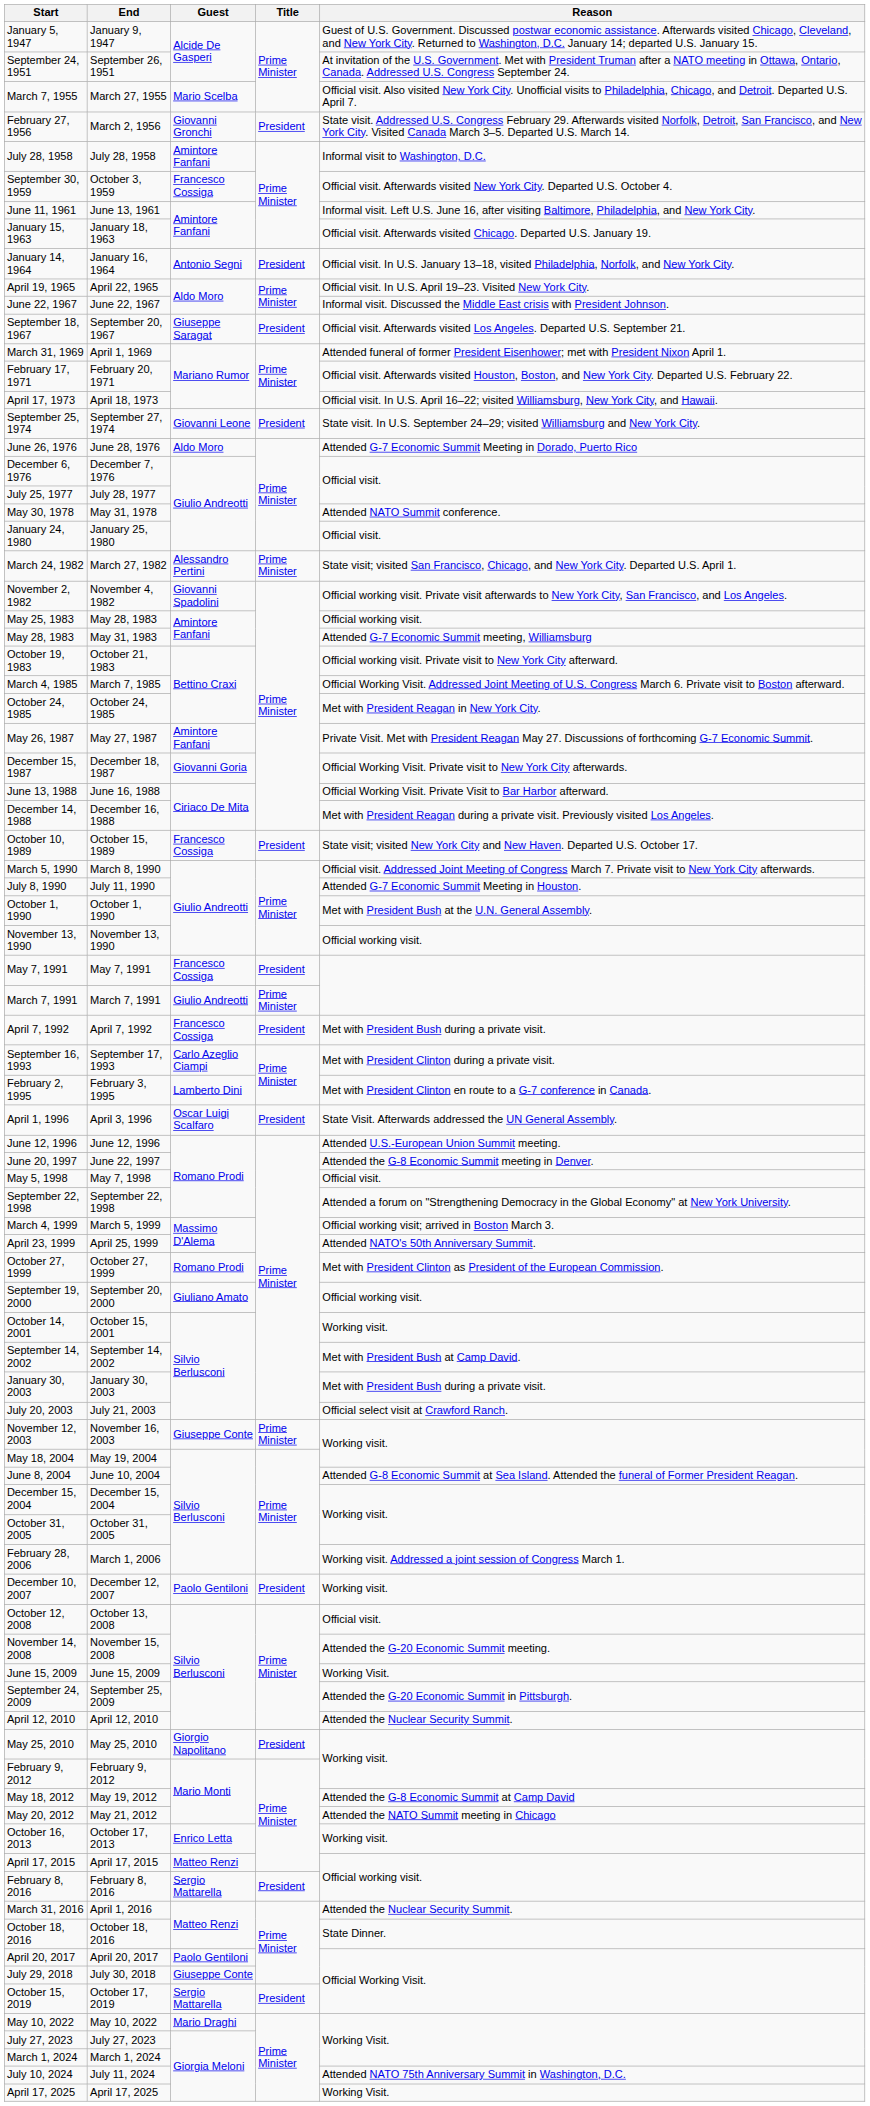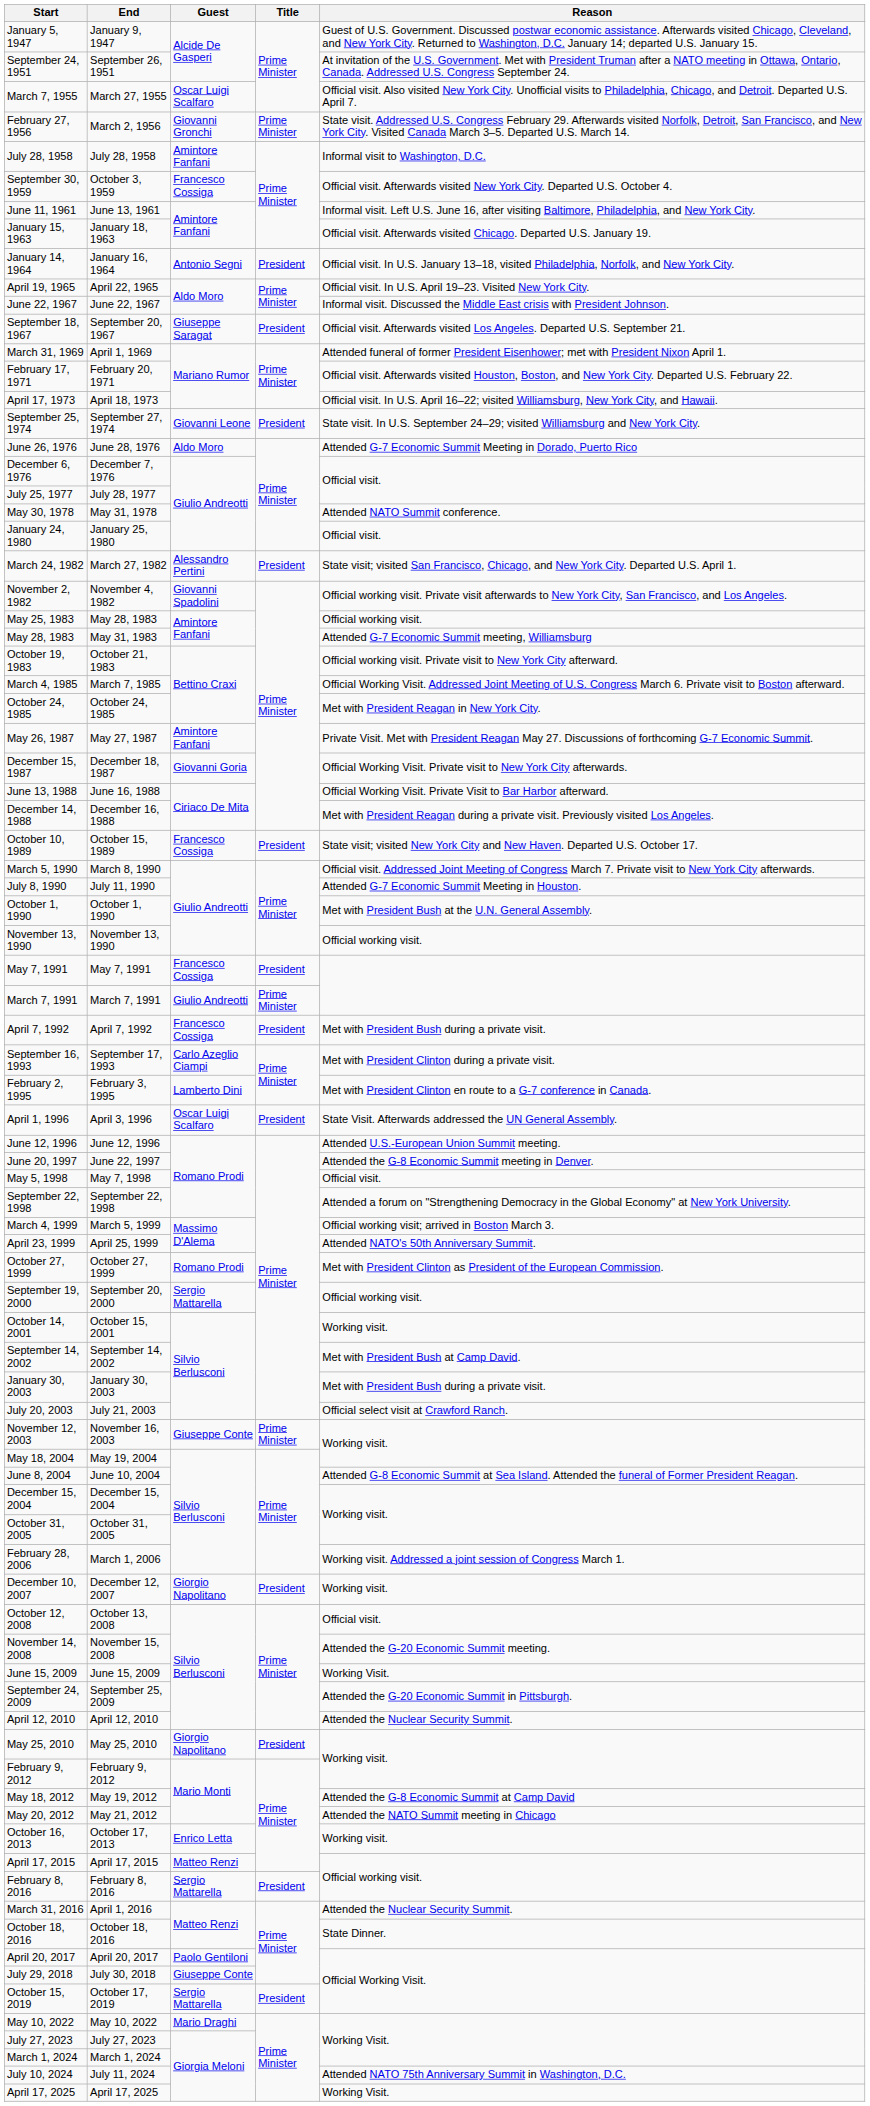 <table class="wikitable sortable">
 <tr>
 <th>Start</th>
 <th>End</th>
 <th>Guest</th>
 <th>Title</th>
 <th>Reason</th>
 </tr>
 <tr>
 <td>January 5, 1947</td>
 <td>January 9, 1947</td>
 <td rowspan=2><a href='#'>Alcide De Gasperi</a></td>
 <td rowspan=3><a href='#'>Prime Minister</a></td>
 <td>Guest of U.S. Government. Discussed <a href='#'>postwar economic assistance</a>. Afterwards visited <a href='#'>Chicago</a>, <a href='#'>Cleveland</a>, and <a href='#'>New York City</a>. Returned to <a href='#'>Washington, D.C.</a> January 14; departed U.S. January 15.</td>
 </tr>
 <tr>
 <td>September 24, 1951</td>
 <td>September 26, 1951</td>
 <td>At invitation of the <a href='#'>U.S. Government</a>. Met with <a href='#'>President Truman</a> after a <a href='#'>NATO meeting</a> in <a href='#'>Ottawa</a>, <a href='#'>Ontario</a>, <a href='#'>Canada</a>. <a href='#'>Addressed U.S. Congress</a> September 24.</td>
 </tr>
 <tr>
 <td>March 7, 1955</td>
 <td>March 27, 1955</td>
-<td><a href='#'>Mario Scelba</a></td>
+<td><a href='#'>Oscar Luigi Scalfaro</a></td>
 <td>Official visit. Also visited <a href='#'>New York City</a>. Unofficial visits to <a href='#'>Philadelphia</a>, <a href='#'>Chicago</a>, and <a href='#'>Detroit</a>. Departed U.S. April 7.</td>
 </tr>
 <tr>
 <td>February 27, 1956</td>
 <td>March 2, 1956</td>
 <td><a href='#'>Giovanni Gronchi</a></td>
-<td><a href='#'>President</a></td>
+<td><a href='#'>Prime Minister</a></td>
 <td>State visit. <a href='#'>Addressed U.S. Congress</a> February 29. Afterwards visited <a href='#'>Norfolk</a>, <a href='#'>Detroit</a>, <a href='#'>San Francisco</a>, and <a href='#'>New York City</a>. Visited <a href='#'>Canada</a> March 3–5. Departed U.S. March 14.</td>
 </tr>
 <tr>
 <td>July 28, 1958</td>
 <td>July 28, 1958</td>
 <td><a href='#'>Amintore Fanfani</a></td>
 <td rowspan="4"><a href='#'>Prime Minister</a></td>
 <td>Informal visit to <a href='#'>Washington, D.C.</a></td>
 </tr>
 <tr>
 <td>September 30, 1959</td>
 <td>October 3, 1959</td>
 <td><a href='#'>Francesco Cossiga</a></td>
 <td>Official visit. Afterwards visited <a href='#'>New York City</a>. Departed U.S. October 4.</td>
 </tr>
 <tr>
 <td>June 11, 1961</td>
 <td>June 13, 1961</td>
 <td rowspan="2"><a href='#'>Amintore Fanfani</a></td>
 <td>Informal visit. Left U.S. June 16, after visiting <a href='#'>Baltimore</a>, <a href='#'>Philadelphia</a>, and <a href='#'>New York City</a>.</td>
 </tr>
 <tr>
 <td>January 15, 1963</td>
 <td>January 18, 1963</td>
 <td>Official visit. Afterwards visited <a href='#'>Chicago</a>. Departed U.S. January 19.</td>
 </tr>
 <tr>
 <td>January 14, 1964</td>
 <td>January 16, 1964</td>
 <td><a href='#'>Antonio Segni</a></td>
 <td><a href='#'>President</a></td>
 <td>Official visit. In U.S. January 13–18, visited <a href='#'>Philadelphia</a>, <a href='#'>Norfolk</a>, and <a href='#'>New York City</a>.</td>
 </tr>
 <tr>
 <td>April 19, 1965</td>
 <td>April 22, 1965</td>
 <td rowspan=2><a href='#'>Aldo Moro</a></td>
 <td rowspan="2"><a href='#'>Prime Minister</a></td>
 <td>Official visit. In U.S. April 19–23. Visited <a href='#'>New York City</a>.</td>
 </tr>
 <tr>
 <td>June 22, 1967</td>
 <td>June 22, 1967</td>
 <td>Informal visit. Discussed the <a href='#'>Middle East crisis</a> with <a href='#'>President Johnson</a>.</td>
 </tr>
 <tr>
 <td>September 18, 1967</td>
 <td>September 20, 1967</td>
 <td><a href='#'>Giuseppe Saragat</a></td>
 <td><a href='#'>President</a></td>
 <td>Official visit. Afterwards visited <a href='#'>Los Angeles</a>. Departed U.S. September 21.</td>
 </tr>
 <tr>
 <td>March 31, 1969</td>
 <td>April 1, 1969</td>
 <td rowspan=3><a href='#'>Mariano Rumor</a></td>
 <td rowspan="3"><a href='#'>Prime Minister</a></td>
 <td>Attended funeral of former <a href='#'>President Eisenhower</a>; met with <a href='#'>President Nixon</a> April 1.</td>
 </tr>
 <tr>
 <td>February 17, 1971</td>
 <td>February 20, 1971</td>
 <td>Official visit. Afterwards visited <a href='#'>Houston</a>, <a href='#'>Boston</a>, and <a href='#'>New York City</a>. Departed U.S. February 22.</td>
 </tr>
 <tr>
 <td>April 17, 1973</td>
 <td>April 18, 1973</td>
 <td>Official visit. In U.S. April 16–22; visited <a href='#'>Williamsburg</a>, <a href='#'>New York City</a>, and <a href='#'>Hawaii</a>.</td>
 </tr>
 <tr>
 <td>September 25, 1974</td>
 <td>September 27, 1974</td>
 <td><a href='#'>Giovanni Leone</a></td>
 <td><a href='#'>President</a></td>
 <td>State visit. In U.S. September 24–29; visited <a href='#'>Williamsburg</a> and <a href='#'>New York City</a>.</td>
 </tr>
 <tr>
 <td>June 26, 1976</td>
 <td>June 28, 1976</td>
 <td><a href='#'>Aldo Moro</a></td>
 <td rowspan="5"><a href='#'>Prime Minister</a></td>
 <td>Attended <a href='#'>G-7 Economic Summit</a> Meeting in <a href='#'>Dorado, Puerto Rico</a></td>
 </tr>
 <tr>
 <td>December 6, 1976</td>
 <td>December 7, 1976</td>
 <td rowspan=4><a href='#'>Giulio Andreotti</a></td>
 <td rowspan=2>Official visit.</td>
 </tr>
 <tr>
 <td>July 25, 1977</td>
 <td>July 28, 1977</td>
 </tr>
 <tr>
 <td>May 30, 1978</td>
 <td>May 31, 1978</td>
 <td>Attended <a href='#'>NATO Summit</a> conference.</td>
 </tr>
 <tr>
 <td>January 24, 1980</td>
 <td>January 25, 1980</td>
 <td>Official visit.</td>
 </tr>
 <tr>
 <td>March 24, 1982</td>
 <td>March 27, 1982</td>
 <td><a href='#'>Alessandro Pertini</a></td>
-<td><a href='#'>Prime Minister</a></td>
+<td><a href='#'>President</a></td>
 <td>State visit; visited <a href='#'>San Francisco</a>, <a href='#'>Chicago</a>, and <a href='#'>New York City</a>. Departed U.S. April 1.</td>
 </tr>
 <tr>
 <td>November 2, 1982</td>
 <td>November 4, 1982</td>
 <td><a href='#'>Giovanni Spadolini</a></td>
 <td rowspan="10"><a href='#'>Prime Minister</a></td>
 <td>Official working visit. Private visit afterwards to <a href='#'>New York City</a>, <a href='#'>San Francisco</a>, and <a href='#'>Los Angeles</a>.</td>
 </tr>
 <tr>
 <td>May 25, 1983</td>
 <td>May 28, 1983</td>
 <td rowspan="2"><a href='#'>Amintore Fanfani</a></td>
 <td>Official working visit.</td>
 </tr>
 <tr>
 <td>May 28, 1983</td>
 <td>May 31, 1983</td>
 <td>Attended <a href='#'>G-7 Economic Summit</a> meeting, <a href='#'>Williamsburg</a></td>
 </tr>
 <tr>
 <td>October 19, 1983</td>
 <td>October 21, 1983</td>
 <td rowspan=3><a href='#'>Bettino Craxi</a></td>
 <td>Official working visit. Private visit to <a href='#'>New York City</a> afterward.</td>
 </tr>
 <tr>
 <td>March 4, 1985</td>
 <td>March 7, 1985</td>
 <td>Official Working Visit. <a href='#'>Addressed Joint Meeting of U.S. Congress</a> March 6. Private visit to <a href='#'>Boston</a> afterward.</td>
 </tr>
 <tr>
 <td>October 24, 1985</td>
 <td>October 24, 1985</td>
 <td>Met with <a href='#'>President Reagan</a> in <a href='#'>New York City</a>.</td>
 </tr>
 <tr>
 <td>May 26, 1987</td>
 <td>May 27, 1987</td>
 <td><a href='#'>Amintore Fanfani</a></td>
 <td>Private Visit. Met with <a href='#'>President Reagan</a> May 27. Discussions of forthcoming <a href='#'>G-7 Economic Summit</a>.</td>
 </tr>
 <tr>
 <td>December 15, 1987</td>
 <td>December 18, 1987</td>
 <td><a href='#'>Giovanni Goria</a></td>
 <td>Official Working Visit. Private visit to <a href='#'>New York City</a> afterwards.</td>
 </tr>
 <tr>
 <td>June 13, 1988</td>
 <td>June 16, 1988</td>
 <td rowspan=2><a href='#'>Ciriaco De Mita</a></td>
 <td>Official Working Visit. Private Visit to <a href='#'>Bar Harbor</a> afterward.</td>
 </tr>
 <tr>
 <td>December 14, 1988</td>
 <td>December 16, 1988</td>
 <td>Met with <a href='#'>President Reagan</a> during a private visit. Previously visited <a href='#'>Los Angeles</a>.</td>
 </tr>
 <tr>
 <td>October 10, 1989</td>
 <td>October 15, 1989</td>
 <td><a href='#'>Francesco Cossiga</a></td>
 <td><a href='#'>President</a></td>
 <td>State visit; visited <a href='#'>New York City</a> and <a href='#'>New Haven</a>. Departed U.S. October 17.</td>
 </tr>
 <tr>
 <td>March 5, 1990</td>
 <td>March 8, 1990</td>
 <td rowspan="4"><a href='#'>Giulio Andreotti</a></td>
 <td rowspan="4"><a href='#'>Prime Minister</a></td>
 <td>Official visit. <a href='#'>Addressed Joint Meeting of Congress</a> March 7. Private visit to <a href='#'>New York City</a> afterwards.</td>
 </tr>
 <tr>
 <td>July 8, 1990</td>
 <td>July 11, 1990</td>
 <td>Attended <a href='#'>G-7 Economic Summit</a> Meeting in <a href='#'>Houston</a>.</td>
 </tr>
 <tr>
 <td>October 1, 1990</td>
 <td>October 1, 1990</td>
 <td>Met with <a href='#'>President Bush</a> at the <a href='#'>U.N. General Assembly</a>.</td>
 </tr>
 <tr>
 <td>November 13, 1990</td>
 <td>November 13, 1990</td>
 <td>Official working visit.</td>
 </tr>
 <tr>
 <td>May 7, 1991</td>
 <td>May 7, 1991</td>
 <td><a href='#'>Francesco Cossiga</a></td>
 <td><a href='#'>President</a></td>
 <td rowspan=2></td>
 </tr>
 <tr>
 <td>March 7, 1991</td>
 <td>March 7, 1991</td>
 <td><a href='#'>Giulio Andreotti</a></td>
 <td><a href='#'>Prime Minister</a></td>
 </tr>
 <tr>
 <td>April 7, 1992</td>
 <td>April 7, 1992</td>
 <td><a href='#'>Francesco Cossiga</a></td>
 <td><a href='#'>President</a></td>
 <td>Met with <a href='#'>President Bush</a> during a private visit.</td>
 </tr>
 <tr>
 <td>September 16, 1993</td>
 <td>September 17, 1993</td>
 <td><a href='#'>Carlo Azeglio Ciampi</a></td>
 <td rowspan="2"><a href='#'>Prime Minister</a></td>
 <td>Met with <a href='#'>President Clinton</a> during a private visit.</td>
 </tr>
 <tr>
 <td>February 2, 1995</td>
 <td>February 3, 1995</td>
 <td><a href='#'>Lamberto Dini</a></td>
 <td>Met with <a href='#'>President Clinton</a> en route to a <a href='#'>G-7 conference</a> in <a href='#'>Canada</a>.</td>
 </tr>
 <tr>
 <td>April 1, 1996</td>
 <td>April 3, 1996</td>
 <td><a href='#'>Oscar Luigi Scalfaro</a></td>
 <td><a href='#'>President</a></td>
 <td>State Visit. Afterwards addressed the <a href='#'>UN General Assembly</a>.</td>
 </tr>
 <tr>
 <td>June 12, 1996</td>
 <td>June 12, 1996</td>
 <td rowspan=4><a href='#'>Romano Prodi</a></td>
 <td rowspan="12"><a href='#'>Prime Minister</a></td>
 <td>Attended <a href='#'>U.S.-European Union Summit</a> meeting.</td>
 </tr>
 <tr>
 <td>June 20, 1997</td>
 <td>June 22, 1997</td>
 <td>Attended the <a href='#'>G-8 Economic Summit</a> meeting in <a href='#'>Denver</a>.</td>
 </tr>
 <tr>
 <td>May 5, 1998</td>
 <td>May 7, 1998</td>
 <td>Official visit.</td>
 </tr>
 <tr>
 <td>September 22, 1998</td>
 <td>September 22, 1998</td>
 <td>Attended a forum on "Strengthening Democracy in the Global Economy" at <a href='#'>New York University</a>.</td>
 </tr>
 <tr>
 <td>March 4, 1999</td>
 <td>March 5, 1999</td>
 <td rowspan=2><a href='#'>Massimo D'Alema</a></td>
 <td>Official working visit; arrived in <a href='#'>Boston</a> March 3.</td>
 </tr>
 <tr>
 <td>April 23, 1999</td>
 <td>April 25, 1999</td>
 <td>Attended <a href='#'>NATO's 50th Anniversary Summit</a>.</td>
 </tr>
 <tr>
 <td>October 27, 1999</td>
 <td>October 27, 1999</td>
 <td><a href='#'>Romano Prodi</a></td>
 <td>Met with <a href='#'>President Clinton</a> as <a href='#'>President of the European Commission</a>.</td>
 </tr>
 <tr>
 <td>September 19, 2000</td>
 <td>September 20, 2000</td>
-<td><a href='#'>Giuliano Amato</a></td>
+<td><a href='#'>Sergio Mattarella</a></td>
 <td>Official working visit.</td>
 </tr>
 <tr>
 <td>October 14, 2001</td>
 <td>October 15, 2001</td>
 <td rowspan=4><a href='#'>Silvio Berlusconi</a></td>
 <td>Working visit.</td>
 </tr>
 <tr>
 <td>September 14, 2002</td>
 <td>September 14, 2002</td>
 <td>Met with <a href='#'>President Bush</a> at <a href='#'>Camp David</a>.</td>
 </tr>
 <tr>
 <td>January 30, 2003</td>
 <td>January 30, 2003</td>
 <td>Met with <a href='#'>President Bush</a> during a private visit.</td>
 </tr>
 <tr>
 <td>July 20, 2003</td>
 <td>July 21, 2003</td>
 <td>Official select visit at <a href='#'>Crawford Ranch</a>.</td>
 </tr>
 <tr>
 <td>November 12, 2003</td>
 <td>November 16, 2003</td>
 <td><a href='#'>Giuseppe Conte</a></td>
 <td><a href='#'>Prime Minister</a></td>
 <td rowspan=2>Working visit.</td>
 </tr>
 <tr>
 <td>May 18, 2004</td>
 <td>May 19, 2004</td>
 <td rowspan="5"><a href='#'>Silvio Berlusconi</a></td>
 <td rowspan="5"><a href='#'>Prime Minister</a></td>
 </tr>
 <tr>
 <td>June 8, 2004</td>
 <td>June 10, 2004</td>
 <td>Attended <a href='#'>G-8 Economic Summit</a> at <a href='#'>Sea Island</a>. Attended the <a href='#'>funeral of Former President Reagan</a>.</td>
 </tr>
 <tr>
 <td>December 15, 2004</td>
 <td>December 15, 2004</td>
 <td rowspan=2>Working visit.</td>
 </tr>
 <tr>
 <td>October 31, 2005</td>
 <td>October 31, 2005</td>
 </tr>
 <tr>
 <td>February 28, 2006</td>
 <td>March 1, 2006</td>
 <td>Working visit. <a href='#'>Addressed a joint session of Congress</a> March 1.</td>
 </tr>
 <tr>
 <td>December 10, 2007</td>
 <td>December 12, 2007</td>
-<td><a href='#'>Paolo Gentiloni</a></td>
+<td><a href='#'>Giorgio Napolitano</a></td>
 <td><a href='#'>President</a></td>
 <td>Working visit.</td>
 </tr>
 <tr>
 <td>October 12, 2008</td>
 <td>October 13, 2008</td>
 <td rowspan="5"><a href='#'>Silvio Berlusconi</a></td>
 <td rowspan="5"><a href='#'>Prime Minister</a></td>
 <td>Official visit.</td>
 </tr>
 <tr>
 <td>November 14, 2008</td>
 <td>November 15, 2008</td>
 <td>Attended the <a href='#'>G-20 Economic Summit</a> meeting.</td>
 </tr>
 <tr>
 <td>June 15, 2009</td>
 <td>June 15, 2009</td>
 <td>Working Visit.</td>
 </tr>
 <tr>
 <td>September 24, 2009</td>
 <td>September 25, 2009</td>
 <td>Attended the <a href='#'>G-20 Economic Summit</a> in <a href='#'>Pittsburgh</a>.</td>
 </tr>
 <tr>
 <td>April 12, 2010</td>
 <td>April 12, 2010</td>
 <td>Attended the <a href='#'>Nuclear Security Summit</a>.</td>
 </tr>
 <tr>
 <td>May 25, 2010</td>
 <td>May 25, 2010</td>
 <td><a href='#'>Giorgio Napolitano</a></td>
 <td><a href='#'>President</a></td>
 <td rowspan=2>Working visit.</td>
 </tr>
 <tr>
 <td>February 9, 2012</td>
 <td>February 9, 2012</td>
 <td rowspan=3><a href='#'>Mario Monti</a></td>
 <td rowspan=5><a href='#'>Prime Minister</a></td>
 </tr>
 <tr>
 <td>May 18, 2012</td>
 <td>May 19, 2012</td>
 <td>Attended the <a href='#'>G-8 Economic Summit</a> at <a href='#'>Camp David</a></td>
 </tr>
 <tr>
 <td>May 20, 2012</td>
 <td>May 21, 2012</td>
 <td>Attended the <a href='#'>NATO Summit</a> meeting in <a href='#'>Chicago</a></td>
 </tr>
 <tr>
 <td>October 16, 2013</td>
 <td>October 17, 2013</td>
 <td><a href='#'>Enrico Letta</a></td>
 <td>Working visit.</td>
 </tr>
 <tr>
 <td>April 17, 2015</td>
 <td>April 17, 2015</td>
 <td><a href='#'>Matteo Renzi</a></td>
 <td rowspan=2>Official working visit.</td>
 </tr>
 <tr>
 <td>February 8, 2016</td>
 <td>February 8, 2016</td>
 <td><a href='#'>Sergio Mattarella</a></td>
 <td><a href='#'>President</a></td>
 </tr>
 <tr>
 <td>March 31, 2016</td>
 <td>April 1, 2016</td>
 <td rowspan=2><a href='#'>Matteo Renzi</a></td>
 <td rowspan=4><a href='#'>Prime Minister</a></td>
 <td>Attended the <a href='#'>Nuclear Security Summit</a>.</td>
 </tr>
 <tr>
 <td>October 18, 2016</td>
 <td>October 18, 2016</td>
 <td>State Dinner.</td>
 </tr>
 <tr>
 <td>April 20, 2017</td>
 <td>April 20, 2017</td>
 <td><a href='#'>Paolo Gentiloni</a></td>
 <td rowspan=3>Official Working Visit.</td>
 </tr>
 <tr>
 <td>July 29, 2018</td>
 <td>July 30, 2018</td>
 <td><a href='#'>Giuseppe Conte</a></td>
 </tr>
 <tr>
 <td>October 15, 2019</td>
 <td>October 17, 2019</td>
 <td><a href='#'>Sergio Mattarella</a></td>
 <td><a href='#'>President</a></td>
 </tr>
 <tr>
 <td>May 10, 2022</td>
 <td>May 10, 2022</td>
 <td><a href='#'>Mario Draghi</a></td>
 <td rowspan=5><a href='#'>Prime Minister</a></td>
 <td rowspan=3>Working Visit.</td>
 </tr>
 <tr>
 <td>July 27, 2023</td>
 <td>July 27, 2023</td>
 <td rowspan=4><a href='#'>Giorgia Meloni</a></td>
 </tr>
 <tr>
 <td>March 1, 2024</td>
 <td>March 1, 2024</td>
 </tr>
 <tr>
 <td>July 10, 2024</td>
 <td>July 11, 2024</td>
 <td>Attended <a href='#'>NATO 75th Anniversary Summit</a> in <a href='#'>Washington, D.C.</a></td>
 </tr>
 <tr>
 <td>April 17, 2025</td>
 <td>April 17, 2025</td>
 <td>Working Visit.</td>
 </tr>
 </table>
